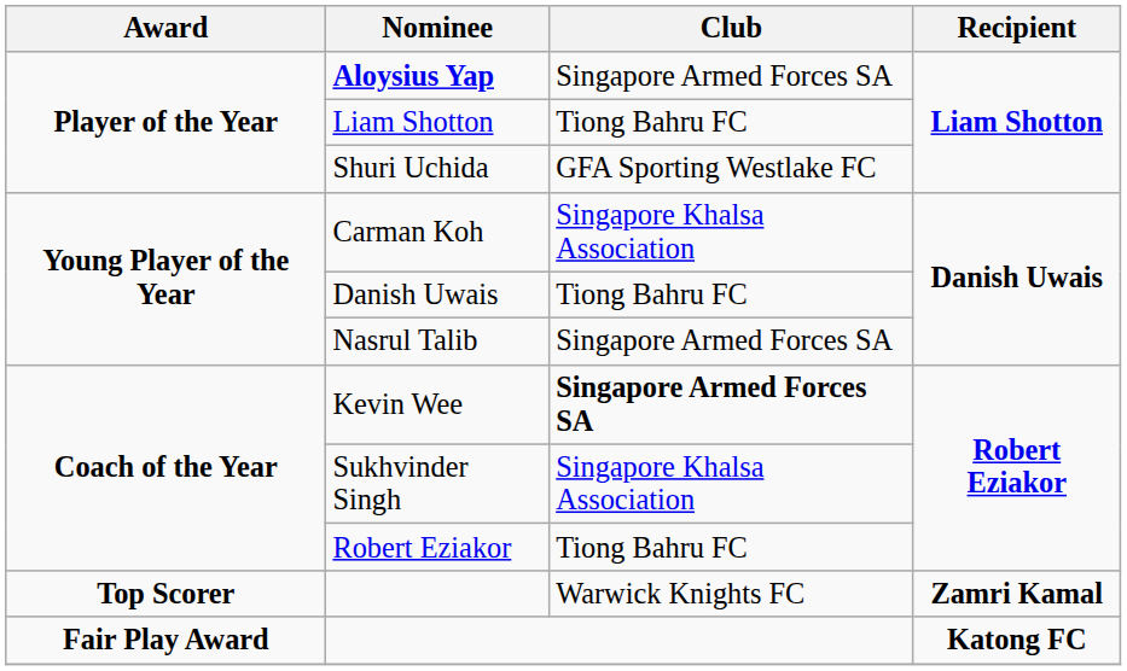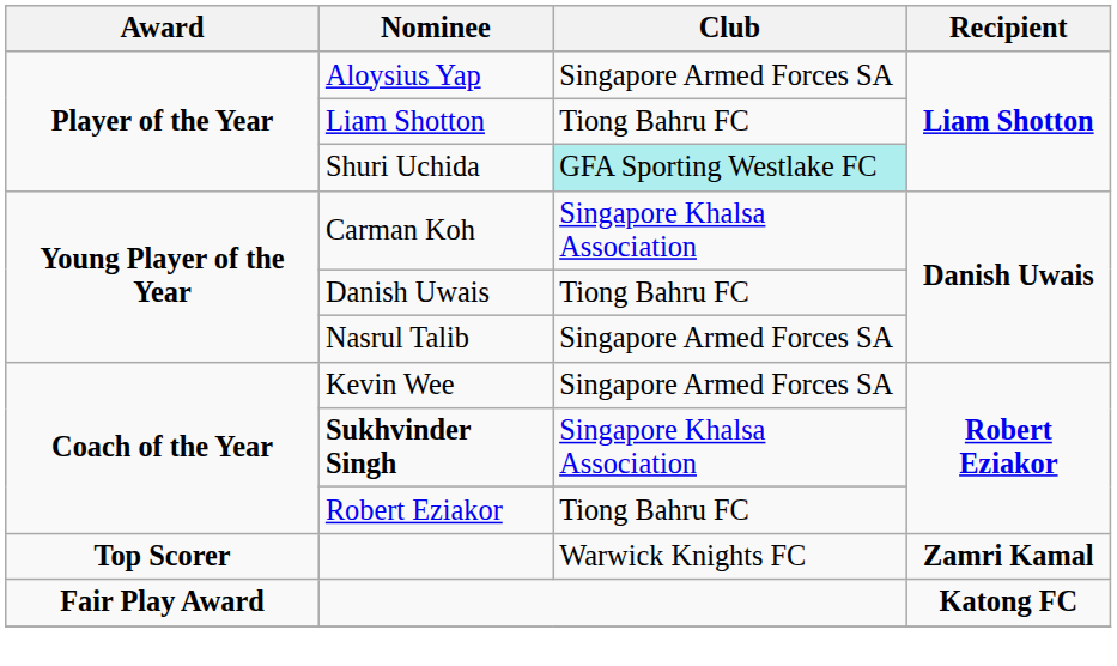 <table class="wikitable" style="font-size:100%">
 <tr>
 <th>Award</th>
 <th>Nominee</th>
 <th>Club</th>
 <th>Recipient</th>
 </tr>
 <tr>
 <td align="center" rowspan="3"><strong>Player of the Year</strong></td>
-<td><strong><a href='#'>Aloysius Yap</a></strong></td>
+<td><a href='#'>Aloysius Yap</a></td>
 <td>Singapore Armed Forces SA</td>
 <td align="center" rowspan="3"><strong><a href='#'>Liam Shotton</a></strong></td>
 </tr>
 <tr>
 <td><a href='#'>Liam Shotton</a></td>
 <td>Tiong Bahru FC</td>
 </tr>
 <tr>
 <td>Shuri Uchida</td>
-<td>GFA Sporting Westlake FC</td>
+<td style="background: paleturquoise;">GFA Sporting Westlake FC</td>
 </tr>
 <tr>
 <td align="center" rowspan="3"><strong>Young Player of the Year</strong></td>
 <td>Carman Koh</td>
 <td><a href='#'>Singapore Khalsa Association</a></td>
 <td align="center" rowspan="3"><strong>Danish Uwais</strong></td>
 </tr>
 <tr>
 <td>Danish Uwais</td>
 <td>Tiong Bahru FC</td>
 </tr>
 <tr>
 <td>Nasrul Talib</td>
 <td>Singapore Armed Forces SA</td>
 </tr>
 <tr>
 <td align="center" rowspan="3"><strong>Coach of the Year</strong></td>
 <td>Kevin Wee</td>
-<td><strong>Singapore Armed Forces SA</strong></td>
+<td>Singapore Armed Forces SA</td>
 <td align="center" rowspan="3"><strong><a href='#'>Robert Eziakor</a></strong></td>
 </tr>
 <tr>
-<td>Sukhvinder Singh</td>
+<td><strong>Sukhvinder Singh</strong></td>
 <td><a href='#'>Singapore Khalsa Association</a></td>
 </tr>
 <tr>
 <td><a href='#'>Robert Eziakor</a></td>
 <td>Tiong Bahru FC</td>
 </tr>
 <tr>
 <td align="center"><strong>Top Scorer</strong></td>
 <td></td>
 <td>Warwick Knights FC</td>
 <td align="center"><strong>Zamri Kamal</strong></td>
 </tr>
 <tr>
 <td align="center"><strong>Fair Play Award</strong></td>
 <td colspan="2"></td>
 <td align="center"><strong>Katong FC</strong></td>
 </tr>
 <tr>
 </tr>
 </table>
